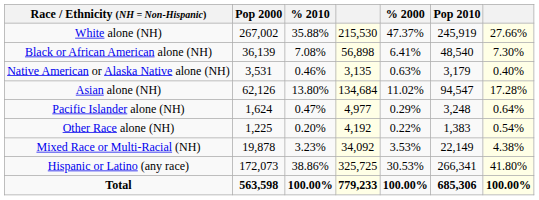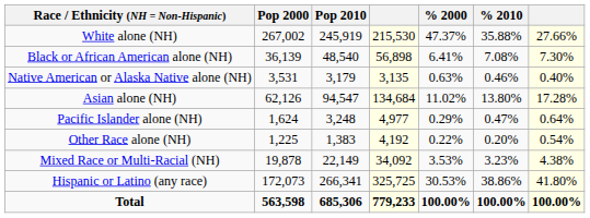 <table class="wikitable" style="text-align:center;">
 <tr>
 <th>Race / Ethnicity <small>(<em>NH = Non-Hispanic</em>)</small></th>
 <th>Pop 2000</th>
-<th>% 2010</th>
+<th>Pop 2010</th>
 <th></th>
 <th>% 2000</th>
-<th>Pop 2010</th>
+<th>% 2010</th>
 <th></th>
 </tr>
 <tr>
 <td><a href='#'>White</a> alone (NH)</td>
 <td>267,002</td>
-<td>35.88%</td>
+<td>245,919</td>
 <td style='background: #ffffe6;'>215,530</td>
 <td>47.37%</td>
-<td>245,919</td>
+<td>35.88%</td>
 <td style='background: #ffffe6;'>27.66%</td>
 </tr>
 <tr>
 <td><a href='#'>Black or African American</a> alone (NH)</td>
 <td>36,139</td>
-<td>7.08%</td>
+<td>48,540</td>
 <td style='background: #ffffe6;'>56,898</td>
 <td>6.41%</td>
-<td>48,540</td>
+<td>7.08%</td>
 <td style='background: #ffffe6;'>7.30%</td>
 </tr>
 <tr>
 <td><a href='#'>Native American</a> or <a href='#'>Alaska Native</a> alone (NH)</td>
 <td>3,531</td>
-<td>0.46%</td>
+<td>3,179</td>
 <td style='background: #ffffe6;'>3,135</td>
 <td>0.63%</td>
-<td>3,179</td>
+<td>0.46%</td>
 <td style='background: #ffffe6;'>0.40%</td>
 </tr>
 <tr>
 <td><a href='#'>Asian</a> alone (NH)</td>
 <td>62,126</td>
-<td>13.80%</td>
+<td>94,547</td>
 <td style='background: #ffffe6;'>134,684</td>
 <td>11.02%</td>
-<td>94,547</td>
+<td>13.80%</td>
 <td style='background: #ffffe6;'>17.28%</td>
 </tr>
 <tr>
 <td><a href='#'>Pacific Islander</a> alone (NH)</td>
 <td>1,624</td>
-<td>0.47%</td>
+<td>3,248</td>
 <td style='background: #ffffe6;'>4,977</td>
 <td>0.29%</td>
-<td>3,248</td>
+<td>0.47%</td>
 <td style='background: #ffffe6;'>0.64%</td>
 </tr>
 <tr>
 <td><a href='#'>Other Race</a> alone (NH)</td>
 <td>1,225</td>
-<td>0.20%</td>
+<td>1,383</td>
 <td style='background: #ffffe6;'>4,192</td>
 <td>0.22%</td>
-<td>1,383</td>
+<td>0.20%</td>
 <td style='background: #ffffe6;'>0.54%</td>
 </tr>
 <tr>
 <td><a href='#'>Mixed Race or Multi-Racial</a> (NH)</td>
 <td>19,878</td>
-<td>3.23%</td>
+<td>22,149</td>
 <td style='background: #ffffe6;'>34,092</td>
 <td>3.53%</td>
-<td>22,149</td>
+<td>3.23%</td>
 <td style='background: #ffffe6;'>4.38%</td>
 </tr>
 <tr>
 <td><a href='#'>Hispanic or Latino</a> (any race)</td>
 <td>172,073</td>
-<td>38.86%</td>
+<td>266,341</td>
 <td style='background: #ffffe6;'>325,725</td>
 <td>30.53%</td>
-<td>266,341</td>
+<td>38.86%</td>
 <td style='background: #ffffe6;'>41.80%</td>
 </tr>
 <tr>
 <td><strong>Total</strong></td>
 <td><strong>563,598</strong></td>
-<td><strong>100.00%</strong></td>
+<td><strong>685,306</strong></td>
 <td style='background: #ffffe6;'><strong>779,233</strong></td>
 <td><strong>100.00%</strong></td>
-<td><strong>685,306</strong></td>
+<td><strong>100.00%</strong></td>
 <td style='background: #ffffe6;'><strong>100.00%</strong></td>
 </tr>
 </table>
